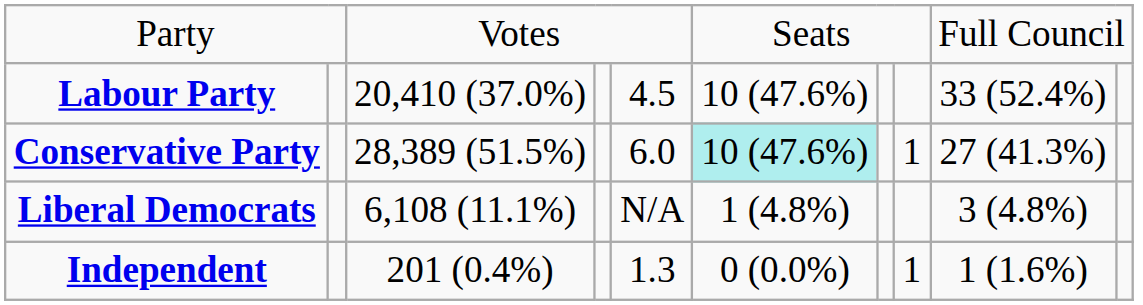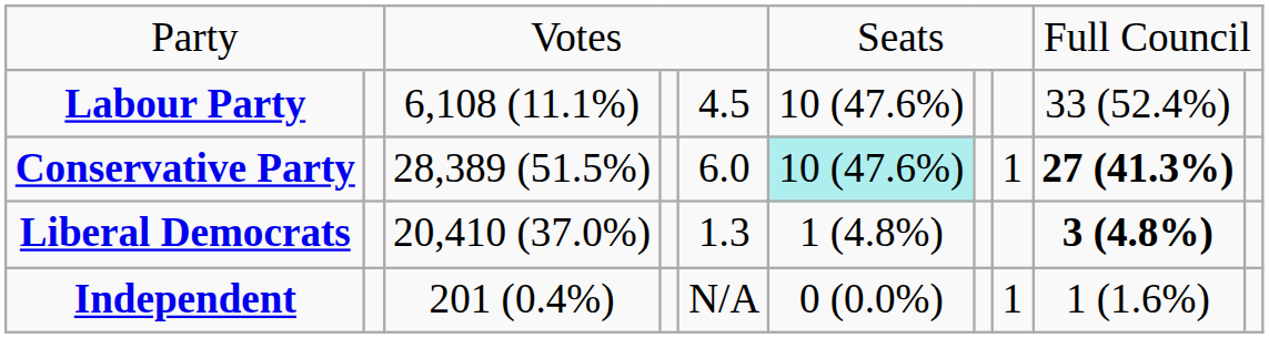 <table class=wikitable style="text-align:center;">
 <tr>
 <td colspan=2>Party</td>
 <td colspan=3>Votes</td>
 <td colspan=3>Seats</td>
 <td colspan=3>Full Council</td>
 </tr>
 <tr>
 <td><strong><a href='#'>Labour Party</a></strong></td>
 <td style="background:"></td>
-<td>20,410 (37.0%)</td>
+<td>6,108 (11.1%)</td>
 <td></td>
 <td> 4.5</td>
 <td>10 (47.6%)</td>
 <td></td>
 <td></td>
 <td>33 (52.4%)</td>
 <td></td>
 </tr>
 <tr>
 <td><strong><a href='#'>Conservative Party</a></strong></td>
 <td style="background:"></td>
 <td>28,389 (51.5%)</td>
 <td></td>
 <td> 6.0</td>
 <td style="background: paleturquoise;">10 (47.6%)</td>
 <td></td>
 <td> 1</td>
-<td>27 (41.3%)</td>
+<td><strong>27 (41.3%)</strong></td>
 <td></td>
 </tr>
 <tr>
 <td><strong><a href='#'>Liberal Democrats</a></strong></td>
 <td style="background:"></td>
-<td>6,108 (11.1%)</td>
+<td>20,410 (37.0%)</td>
 <td></td>
-<td>N/A</td>
+<td> 1.3</td>
 <td>1 (4.8%)</td>
 <td></td>
 <td></td>
-<td>3 (4.8%)</td>
+<td><strong>3 (4.8%)</strong></td>
 <td></td>
 </tr>
 <tr>
 <td><strong><a href='#'>Independent</a></strong></td>
 <td style="background:"></td>
 <td>201 (0.4%)</td>
 <td></td>
-<td> 1.3</td>
+<td>N/A</td>
 <td>0 (0.0%)</td>
 <td></td>
 <td>1</td>
 <td>1 (1.6%)</td>
 <td></td>
 </tr>
 </table>
